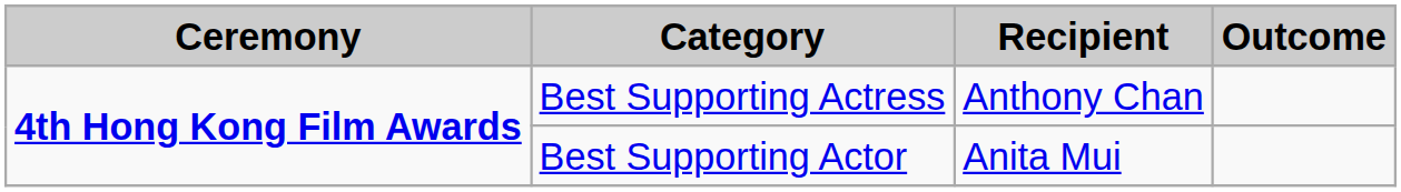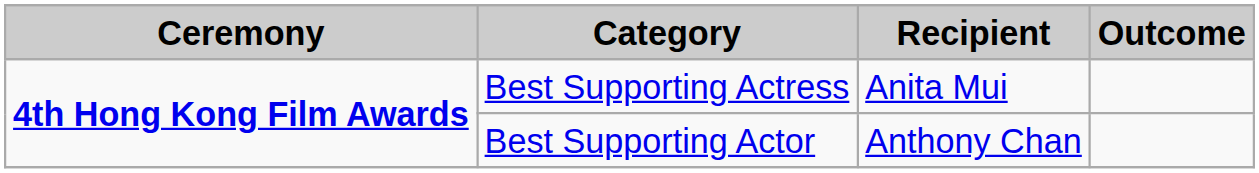 <table class="wikitable" style="font-size:95%;" ;>
 <tr>
 </tr>
 <tr style="background:#ccc; text-align:center;">
 <th style="background:#ccc">Ceremony</th>
 <th style="background:#ccc">Category</th>
 <th style="background:#ccc">Recipient</th>
 <th style="background:#ccc">Outcome</th>
 </tr>
 <tr>
 <td rowspan=2><strong><a href='#'>4th Hong Kong Film Awards</a></strong></td>
 <td><a href='#'>Best Supporting Actress</a></td>
-<td><a href='#'>Anthony Chan</a></td>
+<td><a href='#'>Anita Mui</a></td>
 <td></td>
 </tr>
 <tr>
 <td><a href='#'>Best Supporting Actor</a></td>
-<td><a href='#'>Anita Mui</a></td>
+<td><a href='#'>Anthony Chan</a></td>
 <td></td>
 </tr>
 <tr>
 </tr>
 </table>
